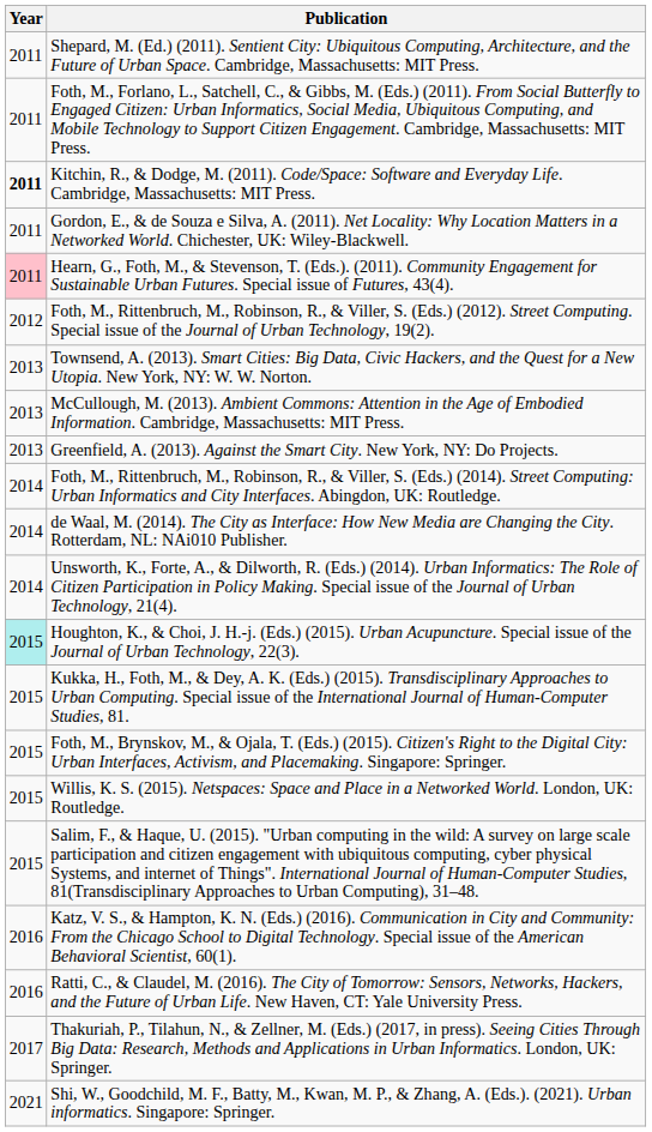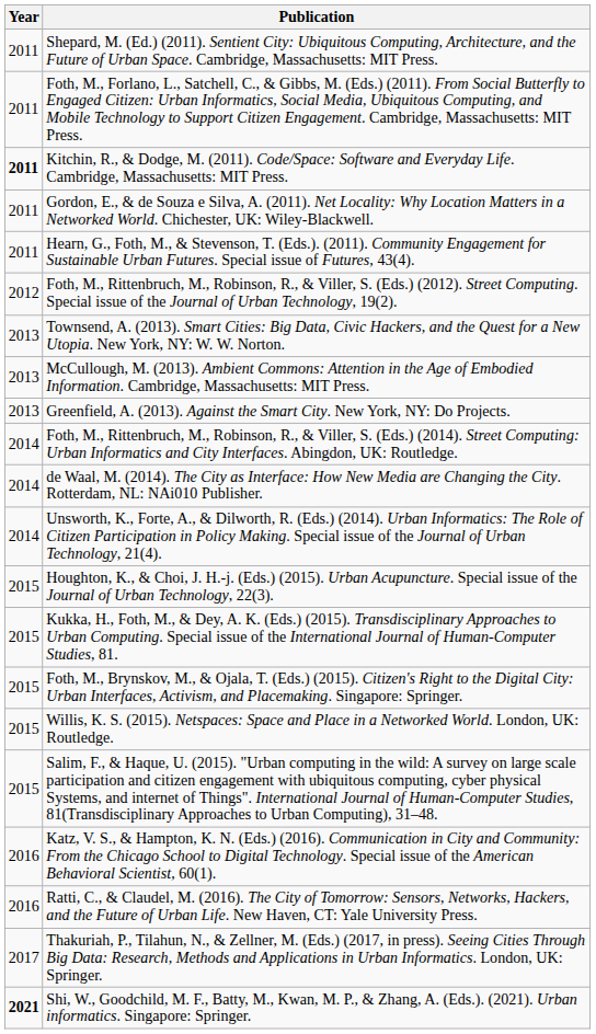 <table class="wikitable">
 <tr>
 <th>Year</th>
 <th>Publication</th>
 </tr>
 <tr>
 <td>2011</td>
 <td>Shepard, M. (Ed.) (2011). <em>Sentient City: Ubiquitous Computing, Architecture, and the Future of Urban Space</em>. Cambridge, Massachusetts: MIT Press.</td>
 </tr>
 <tr>
 <td>2011</td>
 <td>Foth, M., Forlano, L., Satchell, C., & Gibbs, M. (Eds.) (2011). <em>From Social Butterfly to Engaged Citizen: Urban Informatics, Social Media, Ubiquitous Computing, and Mobile Technology to Support Citizen Engagement</em>. Cambridge, Massachusetts: MIT Press.</td>
 </tr>
 <tr>
 <td><strong>2011</strong></td>
 <td>Kitchin, R., & Dodge, M. (2011). <em>Code/Space: Software and Everyday Life</em>. Cambridge, Massachusetts: MIT Press.</td>
 </tr>
 <tr>
 <td>2011</td>
 <td>Gordon, E., & de Souza e Silva, A. (2011). <em>Net Locality: Why Location Matters in a Networked World</em>. Chichester, UK: Wiley-Blackwell.</td>
 </tr>
 <tr>
-<td style="background: pink;">2011</td>
+<td>2011</td>
 <td>Hearn, G., Foth, M., & Stevenson, T. (Eds.). (2011). <em>Community Engagement for Sustainable Urban Futures</em>. Special issue of <em>Futures</em>, 43(4).</td>
 </tr>
 <tr>
 <td>2012</td>
 <td>Foth, M., Rittenbruch, M., Robinson, R., & Viller, S. (Eds.) (2012). <em>Street Computing</em>. Special issue of the <em>Journal of Urban Technology</em>, 19(2).</td>
 </tr>
 <tr>
 <td>2013</td>
 <td>Townsend, A. (2013). <em>Smart Cities: Big Data, Civic Hackers, and the Quest for a New Utopia</em>. New York, NY: W. W. Norton.</td>
 </tr>
 <tr>
 <td>2013</td>
 <td>McCullough, M. (2013). <em>Ambient Commons: Attention in the Age of Embodied Information</em>. Cambridge, Massachusetts: MIT Press.</td>
 </tr>
 <tr>
 <td>2013</td>
 <td>Greenfield, A. (2013). <em>Against the Smart City</em>. New York, NY: Do Projects.</td>
 </tr>
 <tr>
 <td>2014</td>
 <td>Foth, M., Rittenbruch, M., Robinson, R., & Viller, S. (Eds.) (2014). <em>Street Computing: Urban Informatics and City Interfaces</em>. Abingdon, UK: Routledge.</td>
 </tr>
 <tr>
 <td>2014</td>
 <td>de Waal, M. (2014). <em>The City as Interface: How New Media are Changing the City</em>. Rotterdam, NL: NAi010 Publisher.</td>
 </tr>
 <tr>
 <td>2014</td>
 <td>Unsworth, K., Forte, A., & Dilworth, R. (Eds.) (2014). <em>Urban Informatics: The Role of Citizen Participation in Policy Making</em>. Special issue of the <em>Journal of Urban Technology</em>, 21(4).</td>
 </tr>
 <tr>
-<td style="background: paleturquoise;">2015</td>
+<td>2015</td>
 <td>Houghton, K., & Choi, J. H.-j. (Eds.) (2015). <em>Urban Acupuncture</em>. Special issue of the <em>Journal of Urban Technology</em>, 22(3).</td>
 </tr>
 <tr>
 <td>2015</td>
 <td>Kukka, H., Foth, M., & Dey, A. K. (Eds.) (2015). <em>Transdisciplinary Approaches to Urban Computing</em>. Special issue of the <em>International Journal of Human-Computer Studies</em>, 81.</td>
 </tr>
 <tr>
 <td>2015</td>
 <td>Foth, M., Brynskov, M., & Ojala, T. (Eds.) (2015). <em>Citizen's Right to the Digital City: Urban Interfaces, Activism, and Placemaking</em>. Singapore: Springer.</td>
 </tr>
 <tr>
 <td>2015</td>
 <td>Willis, K. S. (2015). <em>Netspaces: Space and Place in a Networked World</em>. London, UK: Routledge.</td>
 </tr>
 <tr>
 <td>2015</td>
 <td>Salim, F., & Haque, U. (2015). "Urban computing in the wild: A survey on large scale participation and citizen engagement with ubiquitous computing, cyber physical Systems, and internet of Things". <em>International Journal of Human-Computer Studies</em>, 81(Transdisciplinary Approaches to Urban Computing), 31–48.</td>
 </tr>
 <tr>
 <td>2016</td>
 <td>Katz, V. S., & Hampton, K. N. (Eds.) (2016). <em>Communication in City and Community: From the Chicago School to Digital Technology</em>. Special issue of the <em>American Behavioral Scientist</em>, 60(1).</td>
 </tr>
 <tr>
 <td>2016</td>
 <td>Ratti, C., & Claudel, M. (2016). <em>The City of Tomorrow: Sensors, Networks, Hackers, and the Future of Urban Life</em>. New Haven, CT: Yale University Press.</td>
 </tr>
 <tr>
 <td>2017</td>
 <td>Thakuriah, P., Tilahun, N., & Zellner, M. (Eds.) (2017, in press). <em>Seeing Cities Through Big Data: Research, Methods and Applications in Urban Informatics</em>. London, UK: Springer.</td>
 </tr>
 <tr>
-<td>2021</td>
+<td><strong>2021</strong></td>
 <td>Shi, W., Goodchild, M. F., Batty, M., Kwan, M. P., & Zhang, A. (Eds.). (2021). <em>Urban informatics</em>. Singapore: Springer.</td>
 </tr>
 </table>
